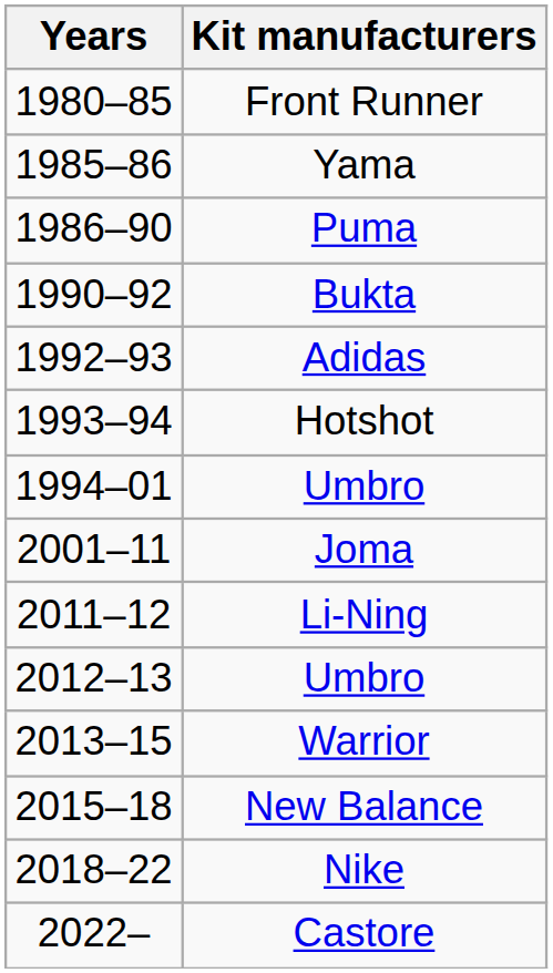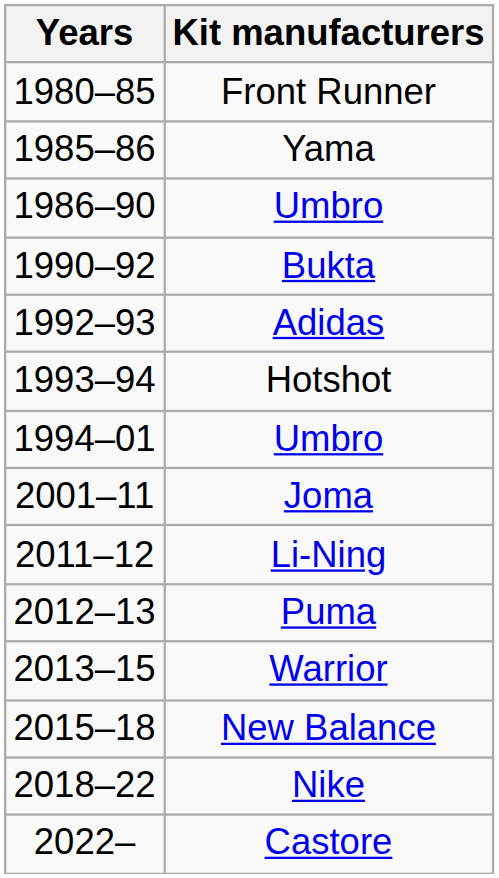 <table class="wikitable" style="text-align: center">
 <tr>
 <th>Years</th>
 <th>Kit manufacturers</th>
 </tr>
 <tr>
 <td>1980–85</td>
 <td>Front Runner</td>
 </tr>
 <tr>
 <td>1985–86</td>
 <td>Yama</td>
 </tr>
 <tr>
 <td>1986–90</td>
-<td><a href='#'>Puma</a></td>
+<td><a href='#'>Umbro</a></td>
 </tr>
 <tr>
 <td>1990–92</td>
 <td><a href='#'>Bukta</a></td>
 </tr>
 <tr>
 <td>1992–93</td>
 <td><a href='#'>Adidas</a></td>
 </tr>
 <tr>
 <td>1993–94</td>
 <td>Hotshot</td>
 </tr>
 <tr>
 <td>1994–01</td>
 <td><a href='#'>Umbro</a></td>
 </tr>
 <tr>
 <td>2001–11</td>
 <td><a href='#'>Joma</a></td>
 </tr>
 <tr>
 <td>2011–12</td>
 <td><a href='#'>Li-Ning</a></td>
 </tr>
 <tr>
 <td>2012–13</td>
-<td><a href='#'>Umbro</a></td>
+<td><a href='#'>Puma</a></td>
 </tr>
 <tr>
 <td>2013–15</td>
 <td><a href='#'>Warrior</a></td>
 </tr>
 <tr>
 <td>2015–18</td>
 <td><a href='#'>New Balance</a></td>
 </tr>
 <tr>
 <td>2018–22</td>
 <td><a href='#'>Nike</a></td>
 </tr>
 <tr>
 <td>2022–</td>
 <td><a href='#'>Castore</a></td>
 </tr>
 </table>
